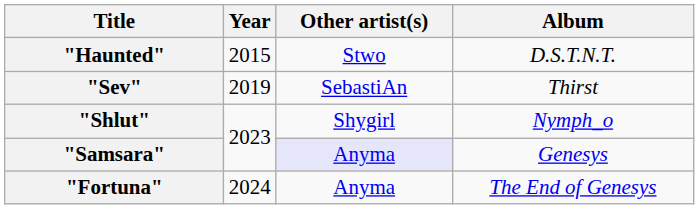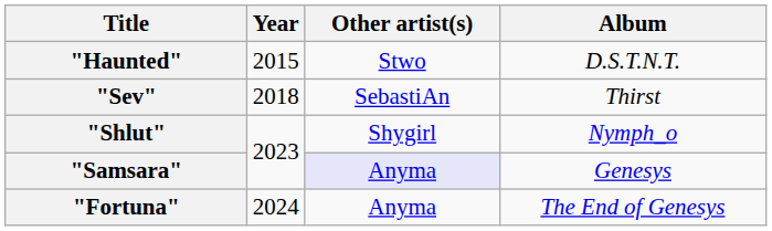 <table class="wikitable plainrowheaders" style="text-align:center;">
 <tr>
 <th scope="col" style="width:10em;">Title</th>
 <th scope="col">Year</th>
 <th scope="col" style="width:8em;">Other artist(s)</th>
 <th scope="col" style="width:11em;">Album</th>
 </tr>
 <tr>
 <th scope="row">"Haunted"</th>
 <td>2015</td>
 <td><a href='#'>Stwo</a></td>
 <td><em>D.S.T.N.T.</em></td>
 </tr>
 <tr>
 <th scope="row">"Sev"</th>
-<td>2019</td>
+<td>2018</td>
 <td><a href='#'>SebastiAn</a></td>
 <td><em>Thirst</em></td>
 </tr>
 <tr>
 <th scope="row">"Shlut"</th>
 <td rowspan="2">2023</td>
 <td><a href='#'>Shygirl</a></td>
 <td><em><a href='#'>Nymph_o</a></em></td>
 </tr>
 <tr>
 <th scope="row">"Samsara"</th>
 <td style="background: lavender;"><a href='#'>Anyma</a></td>
 <td><em><a href='#'>Genesys</a></em></td>
 </tr>
 <tr>
 <th scope="row">"Fortuna"</th>
 <td>2024</td>
 <td><a href='#'>Anyma</a></td>
 <td><em><a href='#'>The End of Genesys</a></em></td>
 </tr>
 </table>
